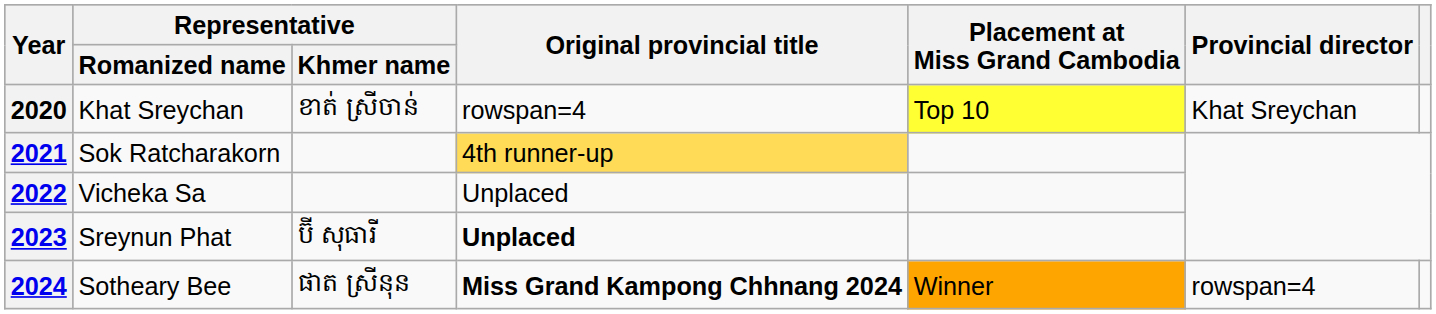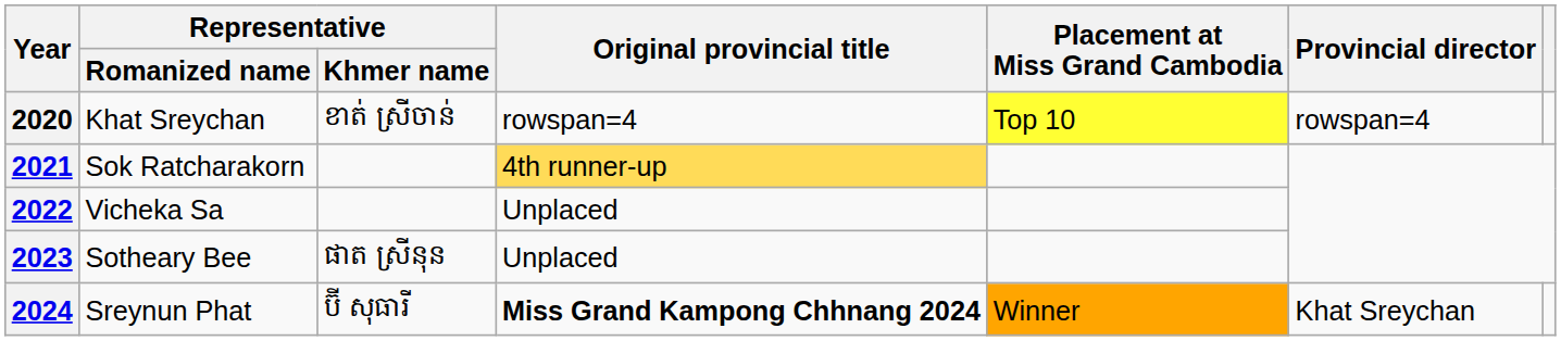 <table class="wikitable defaultcenter col2left col3left col6left" style="font-size:95%;">
 <tr>
 <th rowspan=2>Year</th>
 <th colspan=2>Representative</th>
 <th rowspan=2>Original provincial title</th>
 <th rowspan=2>Placement at<br>Miss Grand Cambodia</th>
 <th rowspan=2>Provincial director</th>
 <th rowspan=2></th>
 </tr>
 <tr>
 <th>Romanized name</th>
 <th>Khmer name</th>
 </tr>
 <tr>
 <th>2020</th>
 <td>Khat Sreychan</td>
 <td>ខាត់ ស្រី​ចាន់</td>
 <td>rowspan=4 </td>
 <td bgcolor=#FFFF33>Top 10</td>
-<td>Khat Sreychan</td>
+<td>rowspan=4 </td>
 <td></td>
 </tr>
 <tr>
 <th><a href='#'>2021</a></th>
 <td>Sok Ratcharakorn</td>
 <td></td>
 <td bgcolor=#FFDB58>4th runner-up</td>
 <td></td>
 </tr>
 <tr>
 <th><a href='#'>2022</a></th>
 <td>Vicheka Sa</td>
 <td></td>
 <td>Unplaced</td>
 <td></td>
 </tr>
 <tr>
 <th><a href='#'>2023</a></th>
-<td>Sreynun Phat</td>
-<td>ប៊ី សុធារី</td>
-<td><strong>Unplaced</strong></td>
+<td>Sotheary Bee</td>
+<td>ផាត ស្រីនុន</td>
+<td>Unplaced</td>
 <td></td>
 </tr>
 <tr>
 <th><a href='#'>2024</a></th>
-<td>Sotheary Bee</td>
-<td>ផាត ស្រីនុន</td>
+<td>Sreynun Phat</td>
+<td>ប៊ី សុធារី</td>
 <td><strong>Miss Grand Kampong Chhnang 2024</strong></td>
 <td bgcolor=orange>Winner</td>
-<td>rowspan=4 </td>
+<td>Khat Sreychan</td>
 <td></td>
 </tr>
 </table>
